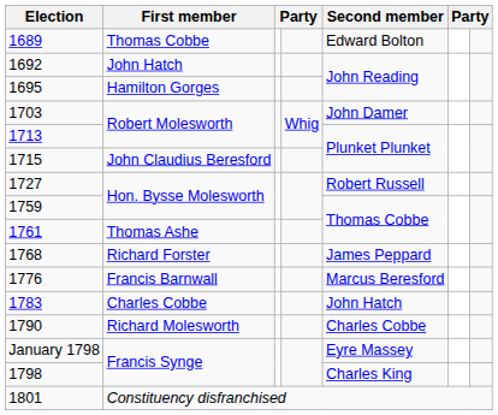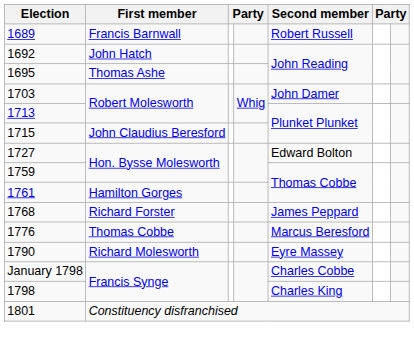 <table class="wikitable">
 <tr>
 <th>Election</th>
 <th>First member</th>
 <th colspan=2>Party</th>
 <th>Second member</th>
 <th colspan=2>Party</th>
 </tr>
 <tr>
 <td><a href='#'>1689</a></td>
-<td><a href='#'>Thomas Cobbe</a></td>
+<td><a href='#'>Francis Barnwall</a></td>
 <td style="background-color: white"></td>
 <td></td>
-<td>Edward Bolton</td>
+<td><a href='#'>Robert Russell</a></td>
 <td style="background-color: white"></td>
 <td></td>
 </tr>
 <tr>
 <td>1692</td>
 <td><a href='#'>John Hatch</a></td>
 <td style="background-color: white"></td>
 <td></td>
 <td rowspan="2"><a href='#'>John Reading</a></td>
 <td rowspan="2" style="background-color: white"></td>
 <td rowspan="2"></td>
 </tr>
 <tr>
 <td>1695</td>
-<td><a href='#'>Hamilton Gorges</a></td>
+<td><a href='#'>Thomas Ashe</a></td>
 <td style="background-color: white"></td>
 <td></td>
 </tr>
 <tr>
 <td>1703</td>
 <td rowspan="2"><a href='#'>Robert Molesworth</a></td>
 <td rowspan="2" style="background-color: "></td>
 <td rowspan="2"><a href='#'>Whig</a></td>
 <td><a href='#'>John Damer</a></td>
 <td style="background-color: white"></td>
 <td></td>
 </tr>
 <tr>
 <td><a href='#'>1713</a></td>
 <td rowspan="2"><a href='#'>Plunket Plunket</a></td>
 <td rowspan="2" style="background-color: white"></td>
 <td rowspan="2"></td>
 </tr>
 <tr>
 <td>1715</td>
 <td><a href='#'>John Claudius Beresford</a></td>
 <td style="background-color: white"></td>
 <td></td>
 </tr>
 <tr>
 <td>1727</td>
 <td rowspan="2"><a href='#'>Hon. Bysse Molesworth</a></td>
 <td rowspan="2" style="background-color: white"></td>
 <td rowspan="2"></td>
-<td><a href='#'>Robert Russell</a></td>
+<td>Edward Bolton</td>
 <td style="background-color: white"></td>
 <td></td>
 </tr>
 <tr>
 <td>1759</td>
 <td rowspan="2"><a href='#'>Thomas Cobbe</a></td>
 <td rowspan="2" style="background-color: white"></td>
 <td rowspan="2"></td>
 </tr>
 <tr>
 <td><a href='#'>1761</a></td>
-<td><a href='#'>Thomas Ashe</a></td>
+<td><a href='#'>Hamilton Gorges</a></td>
 <td style="background-color: white"></td>
 <td></td>
 </tr>
 <tr>
 <td>1768</td>
 <td><a href='#'>Richard Forster</a></td>
 <td style="background-color: white"></td>
 <td></td>
 <td><a href='#'>James Peppard</a></td>
 <td style="background-color: white"></td>
 <td></td>
 </tr>
 <tr>
 <td>1776</td>
-<td><a href='#'>Francis Barnwall</a></td>
+<td><a href='#'>Thomas Cobbe</a></td>
 <td style="background-color: white"></td>
 <td></td>
 <td><a href='#'>Marcus Beresford</a></td>
-<td style="background-color: white"></td>
-<td></td>
-</tr>
-<tr>
-<td><a href='#'>1783</a></td>
-<td><a href='#'>Charles Cobbe</a></td>
-<td style="background-color: white"></td>
-<td></td>
-<td><a href='#'>John Hatch</a></td>
 <td style="background-color: white"></td>
 <td></td>
 </tr>
 <tr>
 <td>1790</td>
 <td><a href='#'>Richard Molesworth</a></td>
 <td style="background-color: white"></td>
 <td></td>
-<td><a href='#'>Charles Cobbe</a></td>
+<td><a href='#'>Eyre Massey</a></td>
 <td style="background-color: white"></td>
 <td></td>
 </tr>
 <tr>
 <td>January 1798</td>
 <td rowspan="2"><a href='#'>Francis Synge</a></td>
 <td rowspan="2" style="background-color: white"></td>
 <td rowspan="2"></td>
-<td><a href='#'>Eyre Massey</a></td>
+<td><a href='#'>Charles Cobbe</a></td>
 <td style="background-color: white"></td>
 <td></td>
 </tr>
 <tr>
 <td>1798</td>
 <td><a href='#'>Charles King</a></td>
 <td style="background-color: white"></td>
 <td></td>
 </tr>
 <tr>
 <td>1801</td>
 <td colspan = "6"><em>Constituency disfranchised</em></td>
 </tr>
 </table>
